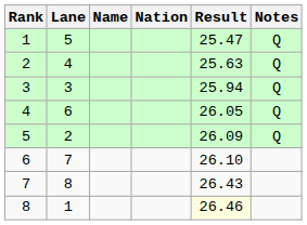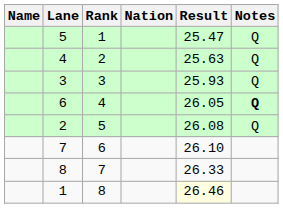 <table class="wikitable" style="text-align:center">
 <tr>
+<th>Name</th>
+<th>Lane</th>
 <th>Rank</th>
-<th>Lane</th>
-<th>Name</th>
 <th>Nation</th>
 <th>Result</th>
 <th>Notes</th>
 </tr>
 <tr bgcolor=ccffcc>
+<td align="left"></td>
+<td>5</td>
 <td>1</td>
-<td>5</td>
-<td align="left"></td>
 <td align="left"></td>
 <td>25.47</td>
 <td>Q</td>
 </tr>
 <tr bgcolor=ccffcc>
+<td align="left"></td>
+<td>4</td>
 <td>2</td>
-<td>4</td>
-<td align="left"></td>
 <td align="left"></td>
 <td>25.63</td>
 <td>Q</td>
 </tr>
 <tr bgcolor=ccffcc>
+<td align="left"></td>
 <td>3</td>
 <td>3</td>
 <td align="left"></td>
-<td align="left"></td>
-<td>25.94</td>
+<td>25.93</td>
 <td>Q</td>
 </tr>
 <tr bgcolor=ccffcc>
+<td align="left"></td>
+<td>6</td>
 <td>4</td>
-<td>6</td>
-<td align="left"></td>
 <td align="left"></td>
 <td>26.05</td>
-<td>Q</td>
+<td><strong>Q</strong></td>
 </tr>
 <tr bgcolor=ccffcc>
+<td align="left"></td>
+<td>2</td>
 <td>5</td>
-<td>2</td>
 <td align="left"></td>
-<td align="left"></td>
-<td>26.09</td>
+<td>26.08</td>
 <td>Q</td>
 </tr>
 <tr>
+<td align="left"></td>
+<td>7</td>
 <td>6</td>
-<td>7</td>
-<td align="left"></td>
 <td align="left"></td>
 <td>26.10</td>
 <td></td>
 </tr>
 <tr>
+<td align="left"></td>
+<td>8</td>
 <td>7</td>
-<td>8</td>
 <td align="left"></td>
-<td align="left"></td>
-<td>26.43</td>
+<td>26.33</td>
 <td></td>
 </tr>
 <tr>
+<td align="left"></td>
+<td>1</td>
 <td>8</td>
-<td>1</td>
-<td align="left"></td>
 <td align="left"></td>
 <td style="background: lightyellow;">26.46</td>
 <td></td>
 </tr>
 </table>
